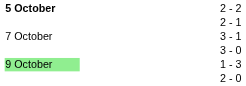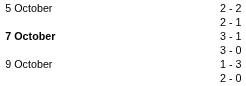 <table cellspacing=1 width=85%>
 <tr>
 <th width=15%></th>
 <th width=25%></th>
 <th width=10%></th>
 <th width=25%></th>
 <th width=25%></th>
 </tr>
 <tr>
-<td><strong>5 October</strong></td>
+<td>5 October</td>
 <td align=right></td>
 <td align=center>2 - 2</td>
 <td></td>
 </tr>
 <tr>
 <td></td>
 <td align=right></td>
 <td align=center>2 - 1</td>
 <td></td>
 </tr>
 <tr>
-<td>7 October</td>
+<td><strong>7 October</strong></td>
 <td align=right></td>
 <td align=center>3 - 1</td>
 <td></td>
 </tr>
 <tr>
 <td></td>
 <td align=right></td>
 <td align=center>3 - 0</td>
 <td></td>
 </tr>
 <tr>
-<td style="background: lightgreen;">9 October</td>
+<td>9 October</td>
 <td align=right></td>
 <td align=center>1 - 3</td>
 <td></td>
 </tr>
 <tr>
 <td></td>
 <td align=right></td>
 <td align=center>2 - 0</td>
 <td></td>
 </tr>
 </table>
